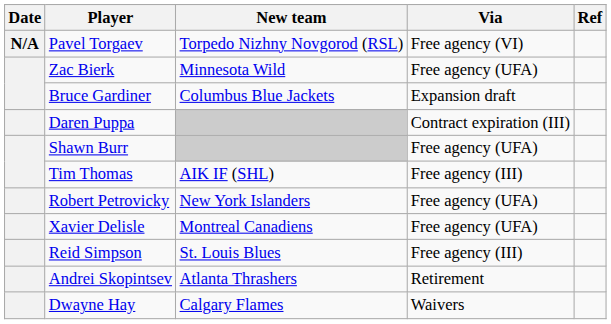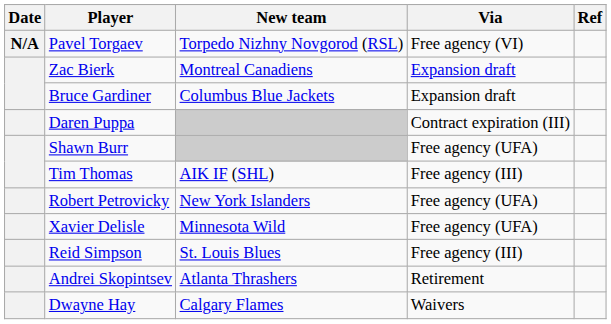 <table class="wikitable plainrowheaders">
 <tr style="background:#ddd; text-align:center;">
 <th>Date</th>
 <th>Player</th>
 <th>New team</th>
 <th>Via</th>
 <th>Ref</th>
 </tr>
 <tr>
 <th scope="row">N/A</th>
 <td><a href='#'>Pavel Torgaev</a></td>
 <td><a href='#'>Torpedo Nizhny Novgorod</a> (<a href='#'>RSL</a>)</td>
 <td>Free agency (VI)</td>
 <td></td>
 </tr>
 <tr>
 <th scope="row" rowspan=2></th>
 <td><a href='#'>Zac Bierk</a></td>
-<td><a href='#'>Minnesota Wild</a></td>
-<td>Free agency (UFA)</td>
+<td><a href='#'>Montreal Canadiens</a></td>
+<td><a href='#'>Expansion draft</a></td>
 <td></td>
 </tr>
 <tr>
 <td><a href='#'>Bruce Gardiner</a></td>
 <td><a href='#'>Columbus Blue Jackets</a></td>
 <td>Expansion draft</td>
 <td></td>
 </tr>
 <tr>
 <th scope="row"></th>
 <td><a href='#'>Daren Puppa</a></td>
 <td style="background:#ccc"></td>
 <td>Contract expiration (III)</td>
 <td></td>
 </tr>
 <tr>
 <th scope="row" rowspan=2></th>
 <td><a href='#'>Shawn Burr</a></td>
 <td style="background:#ccc"></td>
 <td>Free agency (UFA)</td>
 <td></td>
 </tr>
 <tr>
 <td><a href='#'>Tim Thomas</a></td>
 <td><a href='#'>AIK IF</a> (<a href='#'>SHL</a>)</td>
 <td>Free agency (III)</td>
 <td></td>
 </tr>
 <tr>
 <th scope="row"></th>
 <td><a href='#'>Robert Petrovicky</a></td>
 <td><a href='#'>New York Islanders</a></td>
 <td>Free agency (UFA)</td>
 <td></td>
 </tr>
 <tr>
 <th scope="row"></th>
 <td><a href='#'>Xavier Delisle</a></td>
-<td><a href='#'>Montreal Canadiens</a></td>
+<td><a href='#'>Minnesota Wild</a></td>
 <td>Free agency (UFA)</td>
 <td></td>
 </tr>
 <tr>
 <th scope="row"></th>
 <td><a href='#'>Reid Simpson</a></td>
 <td><a href='#'>St. Louis Blues</a></td>
 <td>Free agency (III)</td>
 <td></td>
 </tr>
 <tr>
 <th scope="row"></th>
 <td><a href='#'>Andrei Skopintsev</a></td>
 <td><a href='#'>Atlanta Thrashers</a></td>
 <td>Retirement</td>
 <td></td>
 </tr>
 <tr>
 <th scope="row"></th>
 <td><a href='#'>Dwayne Hay</a></td>
 <td><a href='#'>Calgary Flames</a></td>
 <td>Waivers</td>
 <td></td>
 </tr>
 </table>
